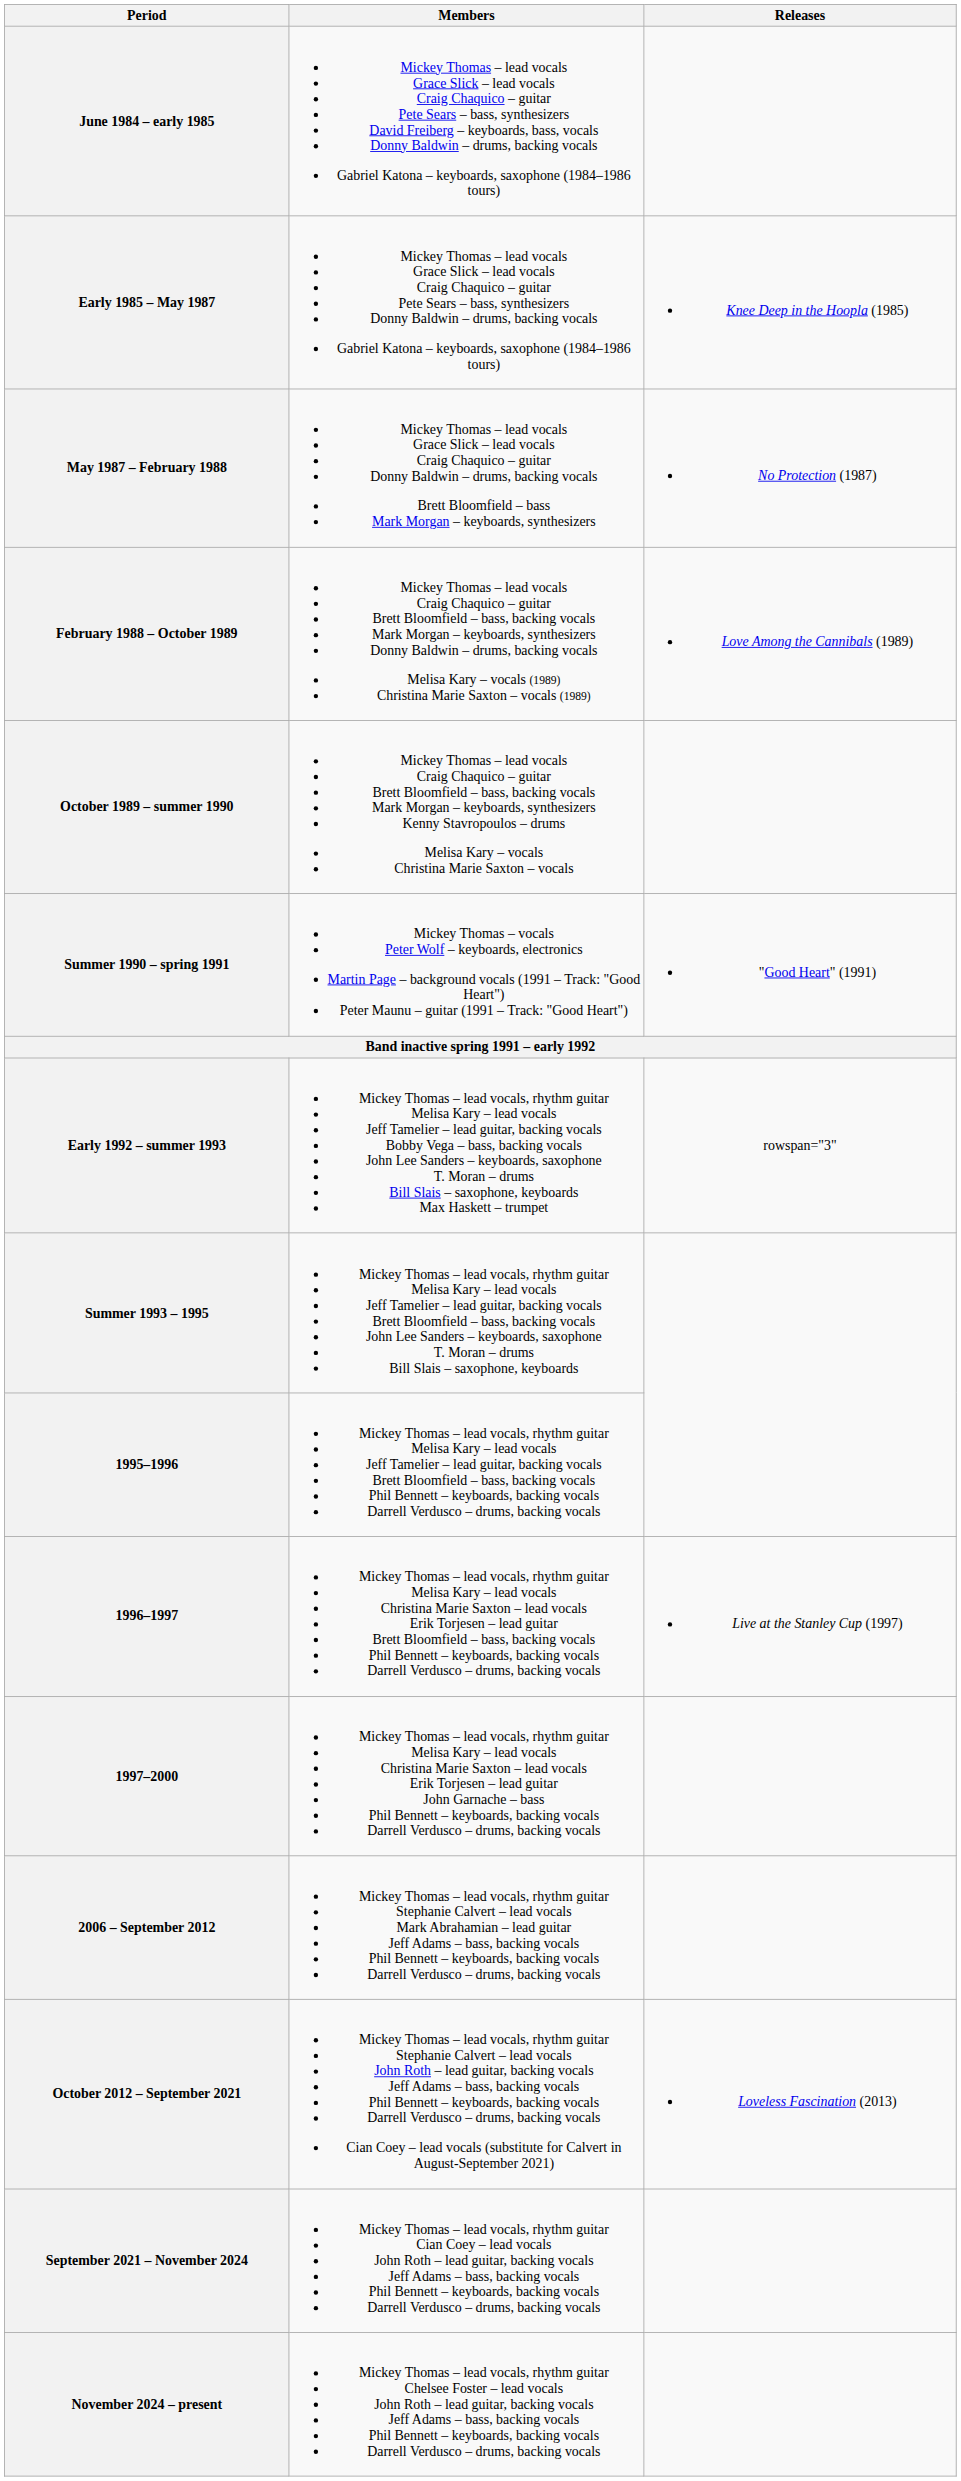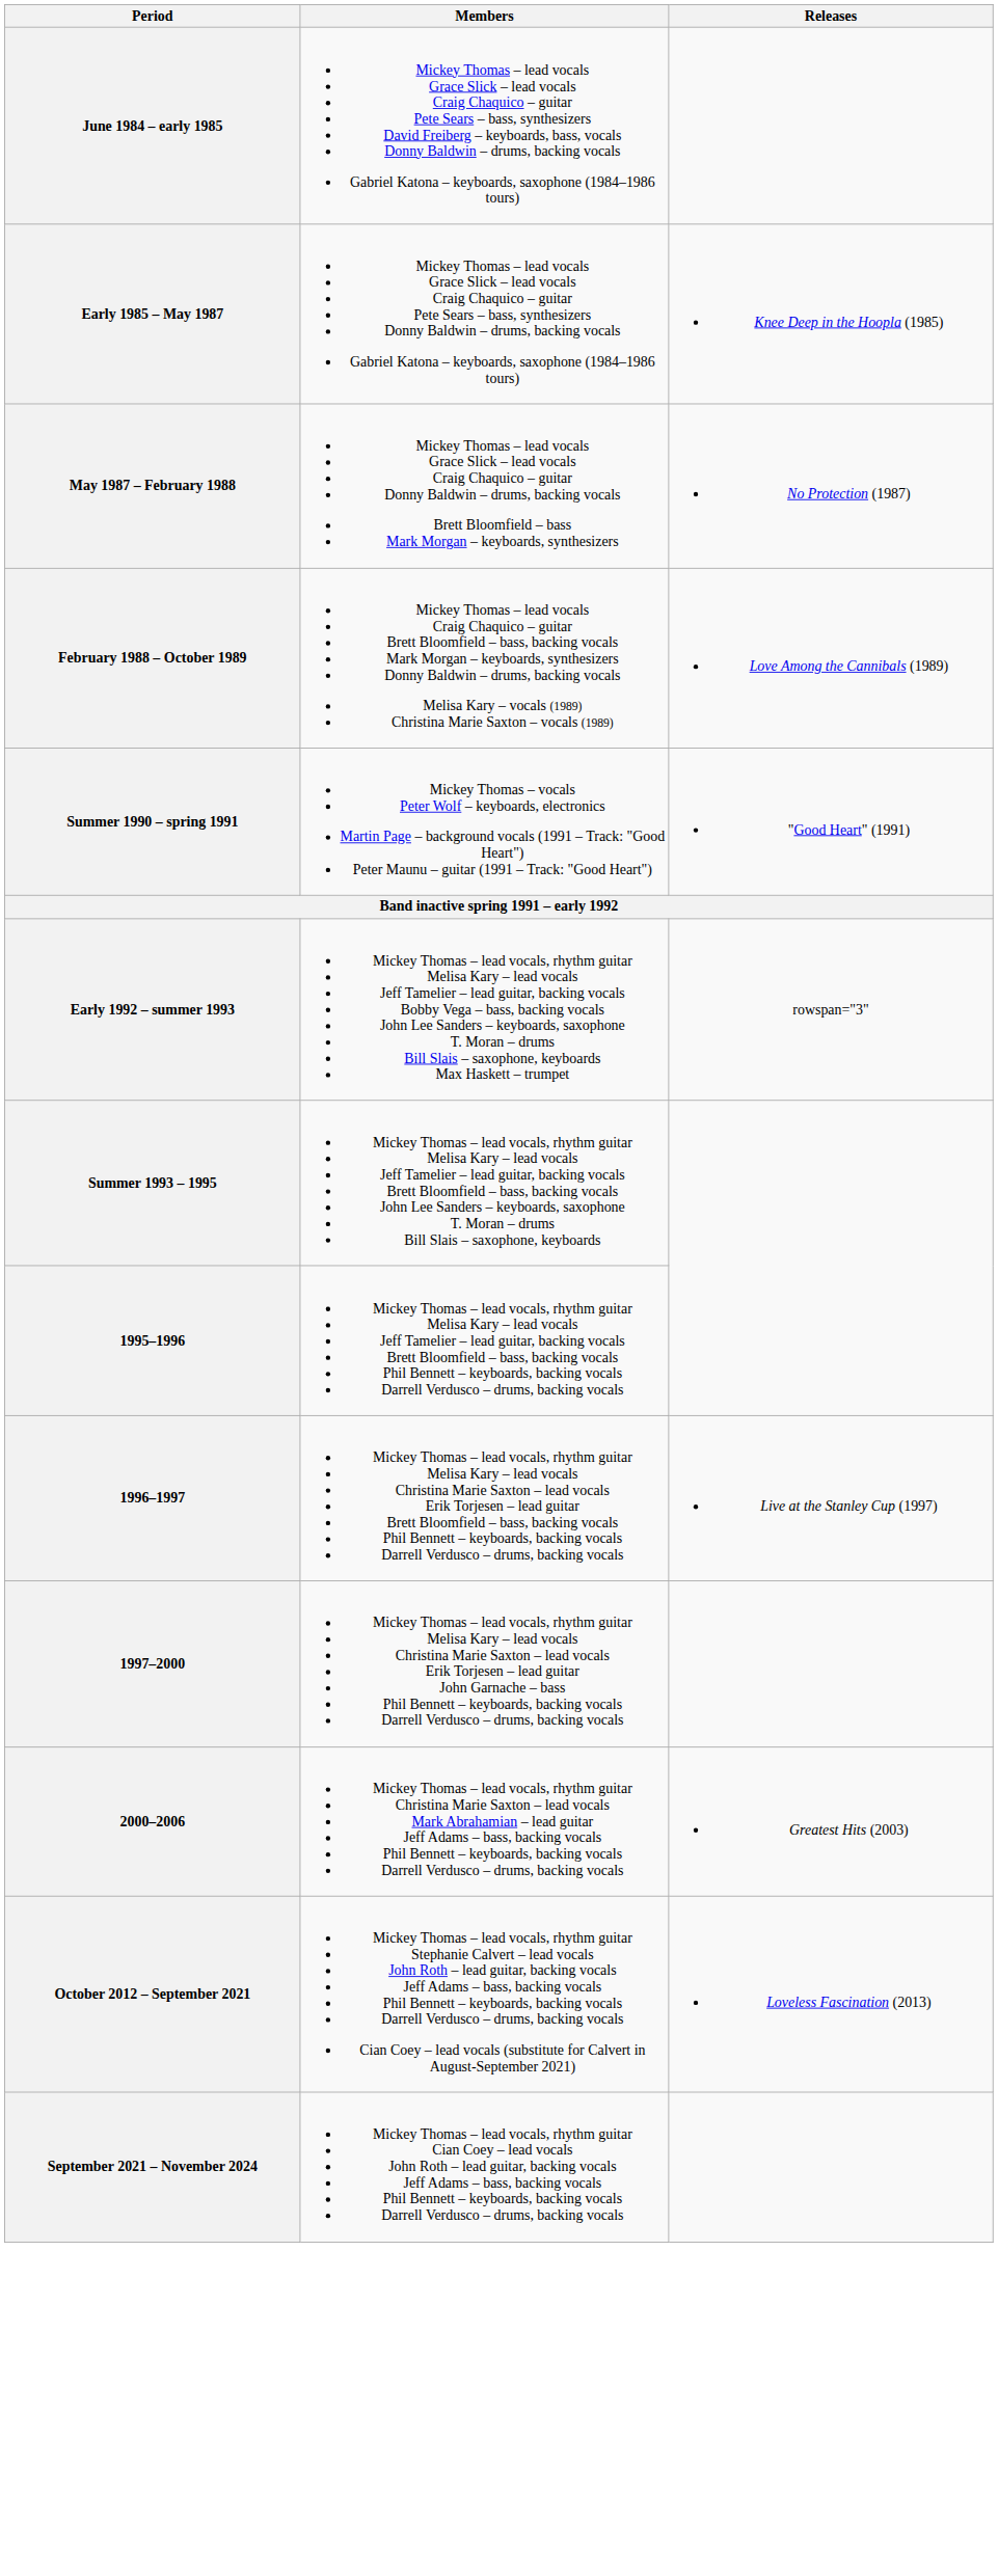 <table class="wikitable plainrowheaders" style="text-align:center;">
 <tr>
 <th scope="col" style="width:20em;">Period</th>
 <th scope="col" style="width:25em;">Members</th>
 <th scope="col" style="width:22em;">Releases</th>
 </tr>
 <tr>
 <th scope="col">June 1984 – early 1985</th>
 <td><br><ul><li><a href='#'>Mickey Thomas</a> – lead vocals</li><li><a href='#'>Grace Slick</a> – lead vocals</li><li><a href='#'>Craig Chaquico</a> – guitar</li><li><a href='#'>Pete Sears</a> – bass, synthesizers</li><li><a href='#'>David Freiberg</a> – keyboards, bass, vocals</li><li><a href='#'>Donny Baldwin</a> – drums, backing vocals</li></ul><ul><li>Gabriel Katona – keyboards, saxophone (1984–1986 tours)</li></ul></td>
 <td></td>
 </tr>
 <tr>
 <th scope="col">Early 1985 – May 1987</th>
 <td><br><ul><li>Mickey Thomas – lead vocals</li><li>Grace Slick – lead vocals</li><li>Craig Chaquico – guitar</li><li>Pete Sears – bass, synthesizers</li><li>Donny Baldwin – drums, backing vocals</li></ul><ul><li>Gabriel Katona – keyboards, saxophone (1984–1986 tours)</li></ul></td>
 <td><br><ul><li><em><a href='#'>Knee Deep in the Hoopla</a></em> (1985)</li></ul></td>
 </tr>
 <tr>
 <th scope="col">May 1987 – February 1988</th>
 <td><br><ul><li>Mickey Thomas – lead vocals</li><li>Grace Slick – lead vocals</li><li>Craig Chaquico – guitar</li><li>Donny Baldwin – drums, backing vocals</li></ul><ul><li>Brett Bloomfield – bass</li><li><a href='#'>Mark Morgan</a> – keyboards, synthesizers</li></ul></td>
 <td><br><ul><li><em><a href='#'>No Protection</a></em> (1987)</li></ul></td>
 </tr>
 <tr>
 <th scope="col">February 1988 – October 1989</th>
 <td><br><ul><li>Mickey Thomas – lead vocals</li><li>Craig Chaquico – guitar</li><li>Brett Bloomfield – bass, backing vocals</li><li>Mark Morgan – keyboards, synthesizers</li><li>Donny Baldwin – drums, backing vocals</li></ul><ul><li>Melisa Kary – vocals <small>(1989)</small></li><li>Christina Marie Saxton – vocals <small>(1989)</small></li></ul></td>
 <td><br><ul><li><em><a href='#'>Love Among the Cannibals</a></em> (1989)</li></ul></td>
-</tr>
-<tr>
-<th scope="col">October 1989 – summer 1990</th>
-<td><br><ul><li>Mickey Thomas – lead vocals</li><li>Craig Chaquico – guitar</li><li>Brett Bloomfield – bass, backing vocals</li><li>Mark Morgan – keyboards, synthesizers</li><li>Kenny Stavropoulos – drums</li></ul><ul><li>Melisa Kary – vocals</li><li>Christina Marie Saxton – vocals</li></ul></td>
-<td></td>
 </tr>
 <tr>
 <th scope="col">Summer 1990 – spring 1991</th>
 <td><br><ul><li>Mickey Thomas – vocals</li><li><a href='#'>Peter Wolf</a> – keyboards, electronics</li></ul><ul><li><a href='#'>Martin Page</a> – background vocals (1991 – Track: "Good Heart")</li><li>Peter Maunu – guitar (1991 – Track: "Good Heart")</li></ul></td>
 <td><br><ul><li>"<a href='#'>Good Heart</a>" (1991)</li></ul></td>
 </tr>
 <tr>
 <th scope="col" colspan="3">Band inactive spring 1991 – early 1992</th>
 </tr>
 <tr>
 <th scope="col">Early 1992 – summer 1993</th>
 <td><br><ul><li>Mickey Thomas – lead vocals, rhythm guitar</li><li>Melisa Kary – lead vocals</li><li>Jeff Tamelier – lead guitar, backing vocals</li><li>Bobby Vega – bass, backing vocals</li><li>John Lee Sanders – keyboards, saxophone</li><li>T. Moran – drums</li><li><a href='#'>Bill Slais</a> – saxophone, keyboards</li><li>Max Haskett – trumpet</li></ul></td>
 <td>rowspan="3" </td>
 </tr>
 <tr>
 <th scope="col">Summer 1993 – 1995</th>
 <td><br><ul><li>Mickey Thomas – lead vocals, rhythm guitar</li><li>Melisa Kary – lead vocals</li><li>Jeff Tamelier – lead guitar, backing vocals</li><li>Brett Bloomfield – bass, backing vocals</li><li>John Lee Sanders – keyboards, saxophone</li><li>T. Moran – drums</li><li>Bill Slais – saxophone, keyboards</li></ul></td>
 </tr>
 <tr>
 <th scope="col">1995–1996</th>
 <td><br><ul><li>Mickey Thomas – lead vocals, rhythm guitar</li><li>Melisa Kary – lead vocals</li><li>Jeff Tamelier – lead guitar, backing vocals</li><li>Brett Bloomfield – bass, backing vocals</li><li>Phil Bennett – keyboards, backing vocals</li><li>Darrell Verdusco – drums, backing vocals</li></ul></td>
 </tr>
 <tr>
 <th scope="col">1996–1997</th>
 <td><br><ul><li>Mickey Thomas – lead vocals, rhythm guitar</li><li>Melisa Kary – lead vocals</li><li>Christina Marie Saxton – lead vocals</li><li>Erik Torjesen – lead guitar</li><li>Brett Bloomfield – bass, backing vocals</li><li>Phil Bennett – keyboards, backing vocals</li><li>Darrell Verdusco – drums, backing vocals</li></ul></td>
 <td><br><ul><li><em>Live at the Stanley Cup</em> (1997)</li></ul></td>
 </tr>
 <tr>
 <th scope="col">1997–2000</th>
 <td><br><ul><li>Mickey Thomas – lead vocals, rhythm guitar</li><li>Melisa Kary – lead vocals</li><li>Christina Marie Saxton – lead vocals</li><li>Erik Torjesen – lead guitar</li><li>John Garnache – bass</li><li>Phil Bennett – keyboards, backing vocals</li><li>Darrell Verdusco – drums, backing vocals</li></ul></td>
 <td></td>
 </tr>
 <tr>
-<th scope="col">2006 – September 2012</th>
-<td><br><ul><li>Mickey Thomas – lead vocals, rhythm guitar</li><li>Stephanie Calvert – lead vocals</li><li>Mark Abrahamian – lead guitar</li><li>Jeff Adams – bass, backing vocals</li><li>Phil Bennett – keyboards, backing vocals</li><li>Darrell Verdusco – drums, backing vocals</li></ul></td>
-<td></td>
+<th scope="col">2000–2006</th>
+<td><br><ul><li>Mickey Thomas – lead vocals, rhythm guitar</li><li>Christina Marie Saxton – lead vocals</li><li><a href='#'>Mark Abrahamian</a> – lead guitar</li><li>Jeff Adams – bass, backing vocals</li><li>Phil Bennett – keyboards, backing vocals</li><li>Darrell Verdusco – drums, backing vocals</li></ul></td>
+<td><br><ul><li><em>Greatest Hits</em> (2003)</li></ul></td>
 </tr>
 <tr>
 <th scope="col">October 2012 – September 2021</th>
 <td><br><ul><li>Mickey Thomas – lead vocals, rhythm guitar</li><li>Stephanie Calvert – lead vocals</li><li><a href='#'>John Roth</a> – lead guitar, backing vocals</li><li>Jeff Adams – bass, backing vocals</li><li>Phil Bennett – keyboards, backing vocals</li><li>Darrell Verdusco – drums, backing vocals</li></ul><ul><li>Cian Coey – lead vocals (substitute for Calvert in August-September 2021)</li></ul></td>
 <td><br><ul><li><em><a href='#'>Loveless Fascination</a></em> (2013)</li></ul></td>
 </tr>
 <tr>
 <th scope="col">September 2021 – November 2024</th>
 <td><br><ul><li>Mickey Thomas – lead vocals, rhythm guitar</li><li>Cian Coey – lead vocals</li><li>John Roth – lead guitar, backing vocals</li><li>Jeff Adams – bass, backing vocals</li><li>Phil Bennett – keyboards, backing vocals</li><li>Darrell Verdusco – drums, backing vocals</li></ul></td>
 <td></td>
 </tr>
-<tr>
-<th scope="col">November 2024 – present</th>
-<td><br><ul><li>Mickey Thomas – lead vocals, rhythm guitar</li><li>Chelsee Foster – lead vocals</li><li>John Roth – lead guitar, backing vocals</li><li>Jeff Adams – bass, backing vocals</li><li>Phil Bennett – keyboards, backing vocals</li><li>Darrell Verdusco – drums, backing vocals</li></ul></td>
-<td></td>
-</tr>
 </table>
